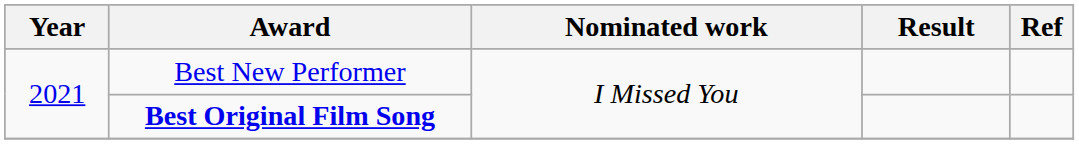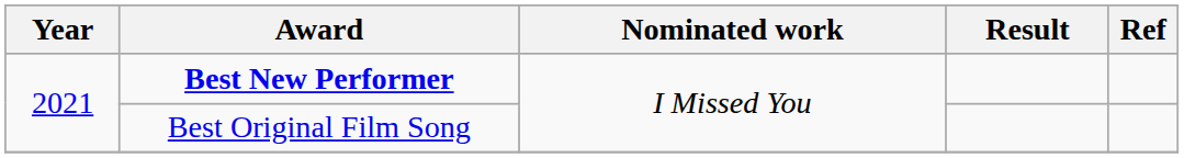 <table class="wikitable">
 <tr>
 <th width=60>Year</th>
 <th style="width:250px;">Award</th>
 <th style="width:270px;">Nominated work</th>
 <th width="90">Result</th>
 <th width="30">Ref</th>
 </tr>
 <tr align="center">
 <td rowspan="2"><a href='#'>2021</a></td>
-<td><a href='#'>Best New Performer</a></td>
+<td><strong><a href='#'>Best New Performer</a></strong></td>
 <td rowspan="2"><em>I Missed You</em></td>
 <td></td>
 <td></td>
 </tr>
 <tr align="center">
-<td><strong><a href='#'>Best Original Film Song</a></strong></td>
+<td><a href='#'>Best Original Film Song</a></td>
 <td></td>
 <td></td>
 </tr>
 <tr>
 </tr>
 </table>
